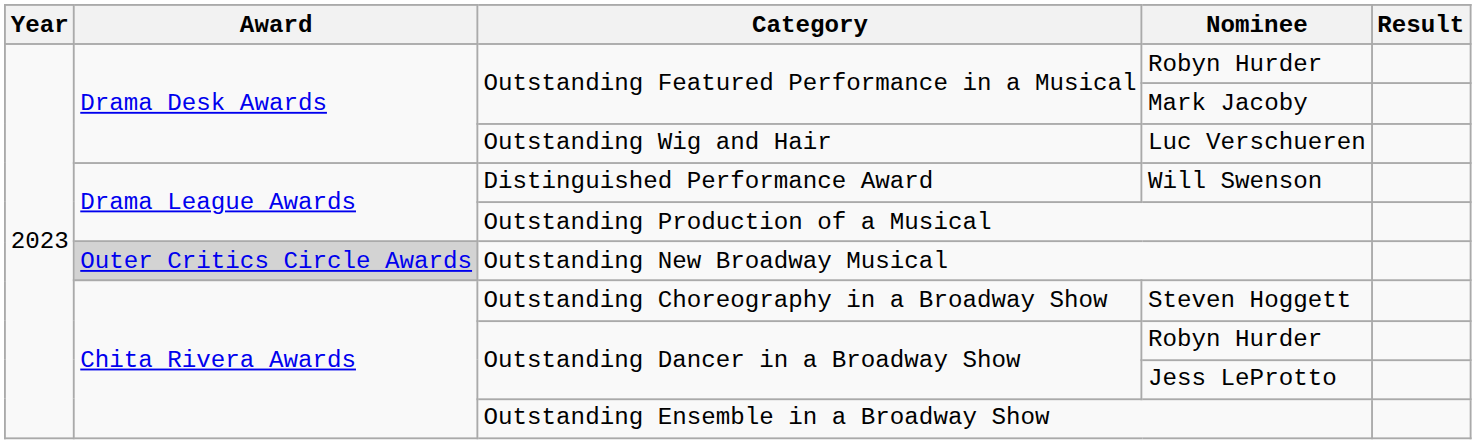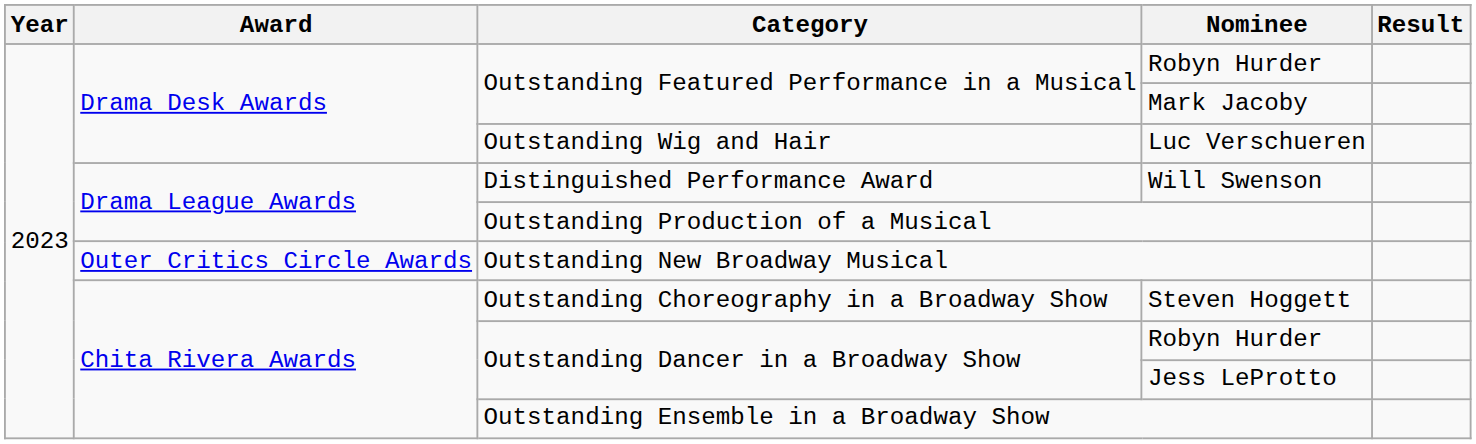 <table class="wikitable">
 <tr>
 <th>Year</th>
 <th>Award</th>
 <th>Category</th>
 <th>Nominee</th>
 <th>Result</th>
 </tr>
 <tr>
 <td rowspan="10">2023</td>
 <td rowspan="3"><a href='#'>Drama Desk Awards</a></td>
 <td rowspan="2">Outstanding Featured Performance in a Musical</td>
 <td>Robyn Hurder</td>
 <td></td>
 </tr>
 <tr>
 <td>Mark Jacoby</td>
 <td></td>
 </tr>
 <tr>
 <td>Outstanding Wig and Hair</td>
 <td>Luc Verschueren</td>
 <td></td>
 </tr>
 <tr>
 <td rowspan="2"><a href='#'>Drama League Awards</a></td>
 <td>Distinguished Performance Award</td>
 <td>Will Swenson</td>
 <td></td>
 </tr>
 <tr>
 <td colspan="2">Outstanding Production of a Musical</td>
 <td></td>
 </tr>
 <tr>
-<td style="background: lightgrey;"><a href='#'>Outer Critics Circle Awards</a></td>
+<td><a href='#'>Outer Critics Circle Awards</a></td>
 <td colspan="2">Outstanding New Broadway Musical</td>
 <td></td>
 </tr>
 <tr>
 <td rowspan="4"><a href='#'>Chita Rivera Awards</a></td>
 <td>Outstanding Choreography in a Broadway Show</td>
 <td>Steven Hoggett</td>
 <td></td>
 </tr>
 <tr>
 <td rowspan="2">Outstanding Dancer in a Broadway Show</td>
 <td>Robyn Hurder</td>
 <td></td>
 </tr>
 <tr>
 <td>Jess LeProtto</td>
 <td></td>
 </tr>
 <tr>
 <td colspan="2">Outstanding Ensemble in a Broadway Show</td>
 <td></td>
 </tr>
 </table>
